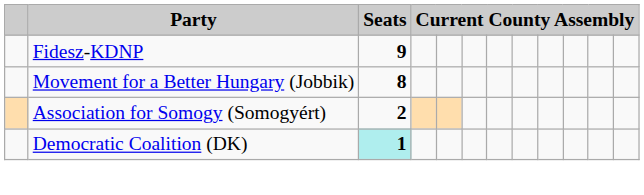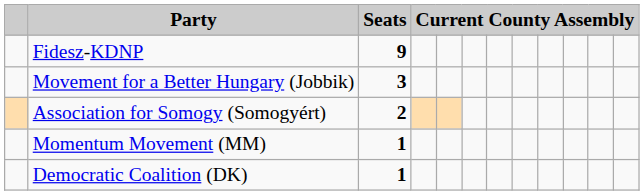 <table class="wikitable">
 <tr>
 <th style="background:#ccc">   </th>
 <th style="background:#ccc">Party</th>
 <th style="background:#ccc">Seats</th>
 <th style="background:#ccc" colspan="9">Current County Assembly</th>
 </tr>
 <tr>
 <td style="background-color:"> </td>
 <td><a href='#'>Fidesz</a>-<a href='#'>KDNP</a></td>
 <td style="text-align: right"><strong>9</strong></td>
 <td style="background-color:"> </td>
 <td style="background-color:"> </td>
 <td style="background-color:"> </td>
 <td style="background-color:"> </td>
 <td style="background-color:"> </td>
 <td style="background-color:"> </td>
 <td style="background-color:"> </td>
 <td style="background-color:"> </td>
 <td style="background-color:"> </td>
 </tr>
 <tr>
 <td style="background-color:"> </td>
 <td><a href='#'>Movement for a Better Hungary</a> (Jobbik)</td>
-<td style="text-align: right"><strong>8</strong></td>
+<td style="text-align: right"><strong>3</strong></td>
 <td style="background-color:"> </td>
 <td style="background-color:"> </td>
 <td> </td>
 <td> </td>
 <td> </td>
 <td> </td>
 <td> </td>
 <td> </td>
 <td> </td>
 </tr>
 <tr>
 <td style="background-color: #ffdead"> </td>
 <td><a href='#'>Association for Somogy</a> (Somogyért)</td>
 <td style="text-align: right"><strong>2</strong></td>
 <td style="background-color: #ffdead"> </td>
 <td style="background-color: #ffdead"> </td>
 <td> </td>
 <td> </td>
 <td> </td>
 <td> </td>
 <td> </td>
 <td> </td>
 <td> </td>
 </tr>
 <tr>
 <td style="background-color:"> </td>
+<td><a href='#'>Momentum Movement</a> (MM)</td>
+<td style="text-align: right"><strong>1</strong></td>
+<td style="background-color:"> </td>
+<td> </td>
+<td> </td>
+<td> </td>
+<td> </td>
+<td> </td>
+<td> </td>
+<td> </td>
+<td> </td>
+</tr>
+<tr>
+<td style="background-color:"> </td>
 <td><a href='#'>Democratic Coalition</a> (DK)</td>
-<td style="background: paleturquoise; text-align: right"><strong>1</strong></td>
+<td style="text-align: right"><strong>1</strong></td>
 <td style="background-color:"> </td>
 <td> </td>
 <td> </td>
 <td> </td>
 <td> </td>
 <td> </td>
 <td> </td>
 <td> </td>
 <td> </td>
 </tr>
 </table>
